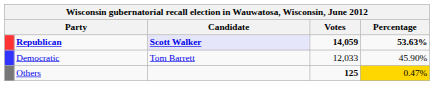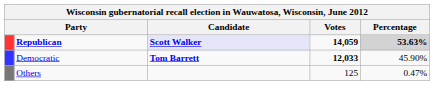 <table class="wikitable" style="font-size:95%;">
 <tr>
 <th colspan="7">Wisconsin gubernatorial recall election in Wauwatosa, Wisconsin, June 2012</th>
 </tr>
 <tr>
 <th colspan="2" style="width: 15em">Party</th>
 <th style="width: 17em">Candidate</th>
 <th style="width: 5em">Votes</th>
 <th style="width: 7em">Percentage</th>
 </tr>
 <tr>
 <th style="background:#f33; width:3px;"></th>
 <td style="width: 130px"><strong><a href='#'>Republican</a></strong></td>
 <td style="background: lavender;"><strong><a href='#'>Scott Walker</a></strong></td>
 <td style="text-align:right;"><strong>14,059</strong></td>
-<td style="text-align:right;"><strong>53.63%</strong></td>
+<td style="background: lightgrey; text-align:right;"><strong>53.63%</strong></td>
 </tr>
 <tr>
 <th style="background:#33f; width:3px;"></th>
 <td style="width: 130px"><a href='#'>Democratic</a></td>
-<td><a href='#'>Tom Barrett</a></td>
-<td style="text-align:right;">12,033</td>
+<td><strong><a href='#'>Tom Barrett</a></strong></td>
+<td style="text-align:right;"><strong>12,033</strong></td>
 <td style="text-align:right;">45.90%</td>
 </tr>
 <tr>
 <th style="background:#777; width:3px;"></th>
 <td style="width: 130px"><a href='#'>Others</a></td>
 <td></td>
-<td style="text-align:right;"><strong>125</strong></td>
-<td style="background: gold; text-align:right;">0.47%</td>
+<td style="text-align:right;">125</td>
+<td style="text-align:right;">0.47%</td>
 </tr>
 </table>
